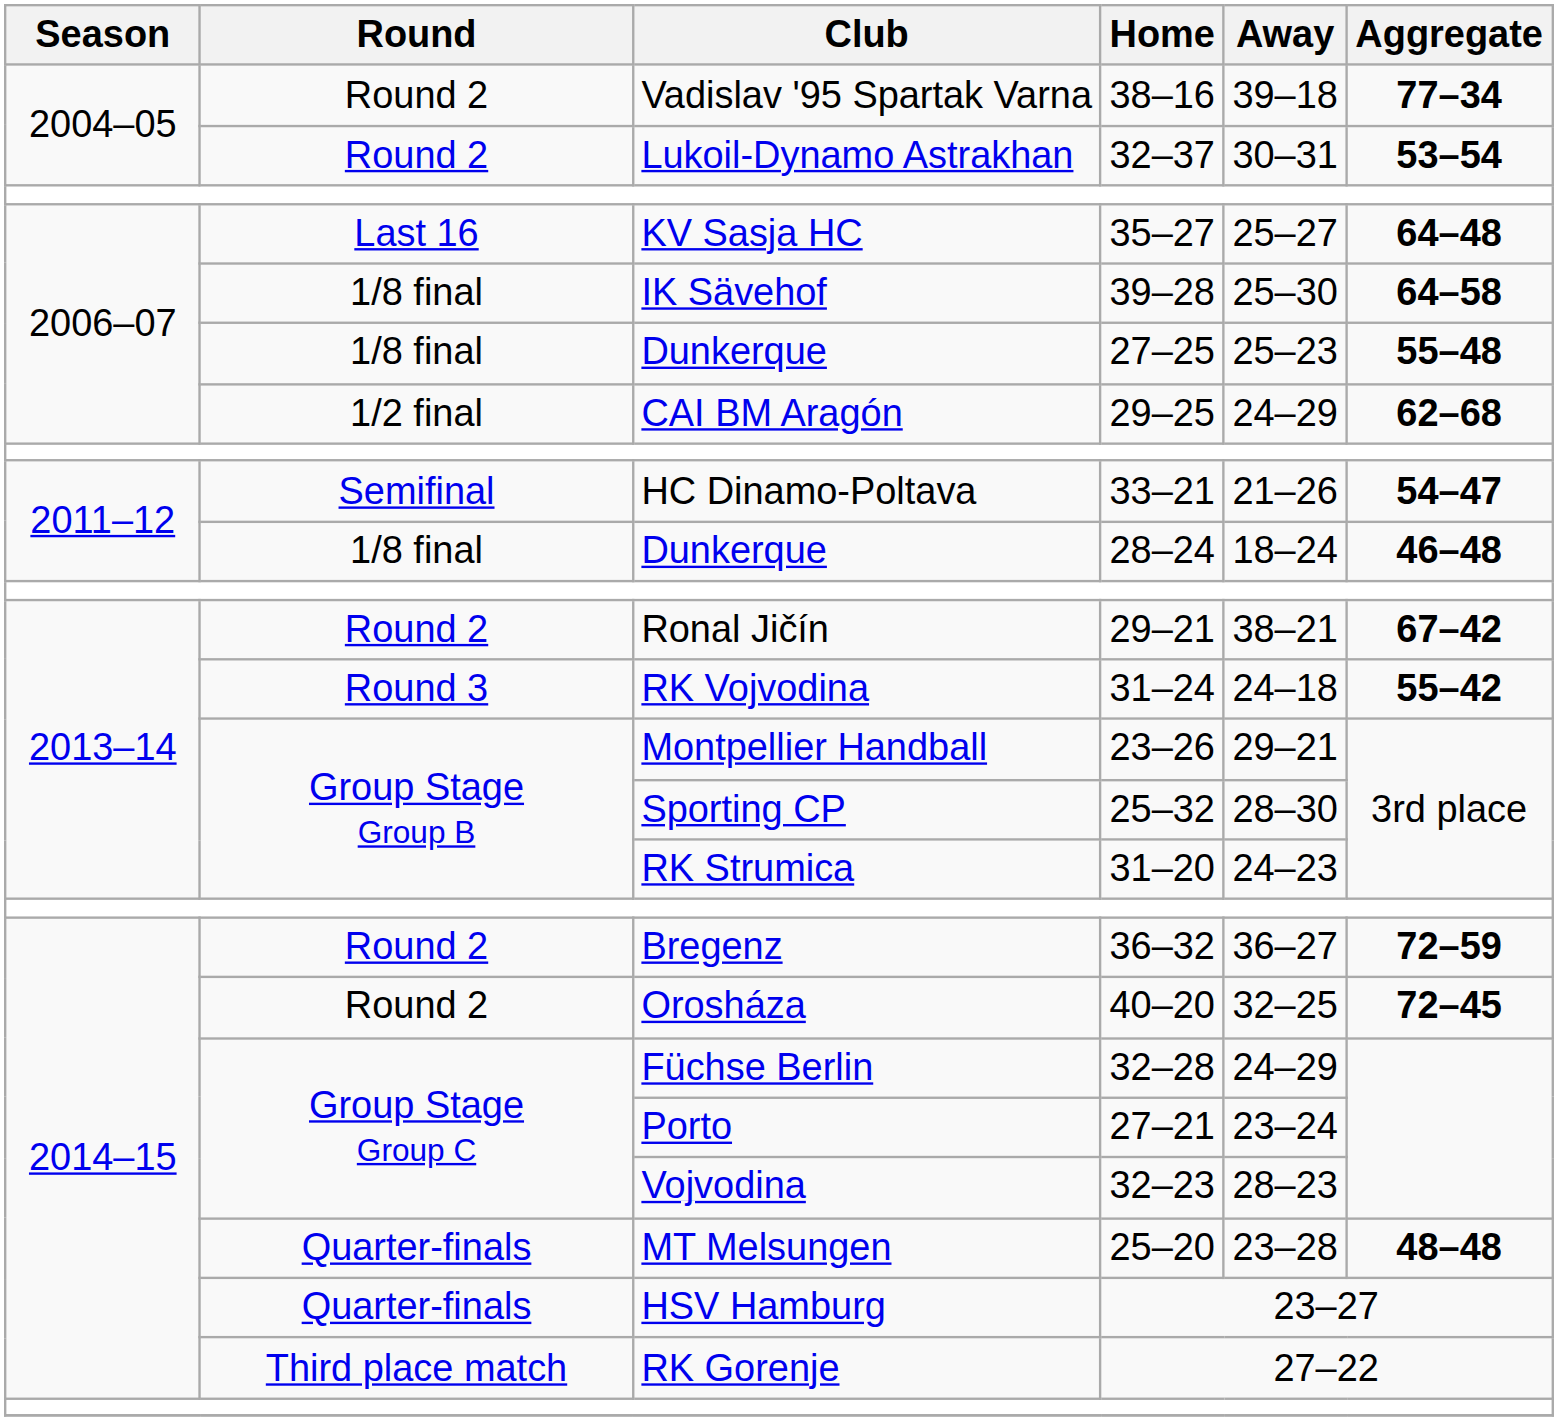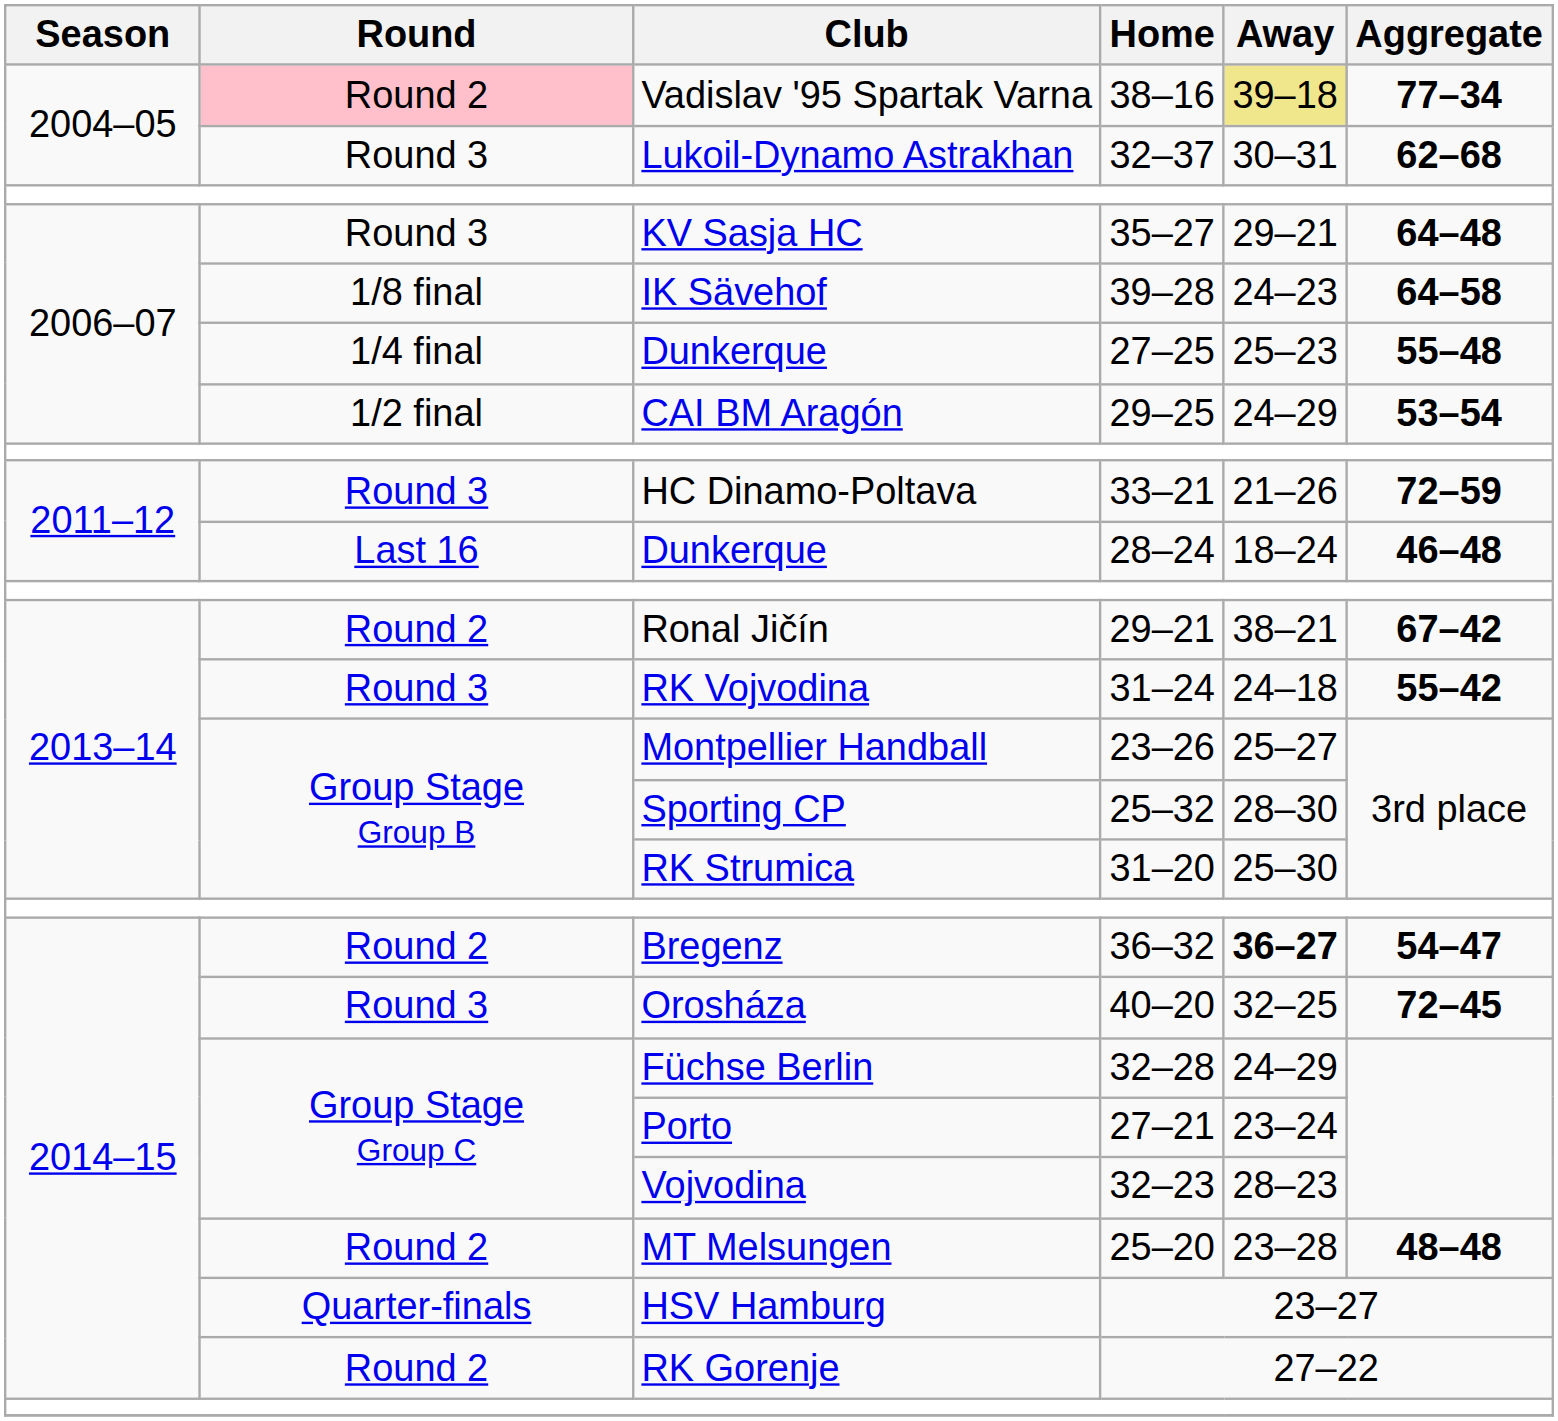 <table class="wikitable">
 <tr>
 <th width=75>Season</th>
 <th width=175>Round</th>
 <th>Club</th>
 <th>Home</th>
 <th>Away</th>
 <th>Aggregate</th>
 </tr>
 <tr>
 <td align=center rowspan="2">2004–05</td>
-<td align=center>Round 2</td>
+<td align=center style="background: pink;">Round 2</td>
 <td align=left> Vadislav '95 Spartak Varna</td>
 <td align=left>38–16</td>
-<td align=left>39–18</td>
+<td align=left style="background: khaki;">39–18</td>
 <td align=center><strong>77–34</strong></td>
 </tr>
 <tr>
-<td align=center><a href='#'>Round 2</a></td>
+<td align=center>Round 3</td>
 <td align=left> <a href='#'>Lukoil-Dynamo Astrakhan</a></td>
 <td align=left>32–37</td>
 <td align=left>30–31</td>
-<td align=center><strong>53–54</strong></td>
+<td align=center><strong>62–68</strong></td>
 </tr>
 <tr>
 <td colspan=7 style="text-align: center;" bgcolor=white></td>
 </tr>
 <tr>
 <td align=center rowspan="4">2006–07</td>
-<td align=center><a href='#'>Last 16</a></td>
+<td align=center>Round 3</td>
 <td align=left> <a href='#'>KV Sasja HC</a></td>
 <td align=left>35–27</td>
-<td align=left>25–27</td>
+<td align=left>29–21</td>
 <td align=center><strong>64–48</strong></td>
 </tr>
 <tr>
 <td align=center>1/8 final</td>
 <td align=left> <a href='#'>IK Sävehof</a></td>
 <td align=left>39–28</td>
-<td align=left>25–30</td>
+<td align=left>24–23</td>
 <td align=center><strong>64–58</strong></td>
 </tr>
 <tr>
-<td align=center>1/8 final</td>
+<td align=center>1/4 final</td>
 <td align=left> <a href='#'>Dunkerque</a></td>
 <td align=left>27–25</td>
 <td align=left>25–23</td>
 <td align=center><strong>55–48</strong></td>
 </tr>
 <tr>
 <td align=center>1/2 final</td>
 <td align=left> <a href='#'>CAI BM Aragón</a></td>
 <td align=left>29–25</td>
 <td align=left>24–29</td>
-<td align=center><strong>62–68</strong></td>
+<td align=center><strong>53–54</strong></td>
 </tr>
 <tr>
 <td colspan=7 style="text-align: center;" bgcolor=white></td>
 </tr>
 <tr>
 <td align=center rowspan="2"><a href='#'>2011–12</a></td>
-<td align=center><a href='#'>Semifinal</a></td>
+<td align=center><a href='#'>Round 3</a></td>
 <td align=left> HC Dinamo-Poltava</td>
 <td align=left>33–21</td>
 <td align=left>21–26</td>
-<td align=center><strong>54–47</strong></td>
+<td align=center><strong>72–59</strong></td>
 </tr>
 <tr>
-<td align=center>1/8 final</td>
+<td align=center><a href='#'>Last 16</a></td>
 <td align=left> <a href='#'>Dunkerque</a></td>
 <td align=left>28–24</td>
 <td align=left>18–24</td>
 <td align=center><strong>46–48</strong></td>
 </tr>
 <tr>
 <td colspan=7 style="text-align: center;" bgcolor=white></td>
 </tr>
 <tr>
 <td align=center rowspan="5"><a href='#'>2013–14</a></td>
 <td align=center><a href='#'>Round 2</a></td>
 <td align=left> Ronal Jičín</td>
 <td align=left>29–21</td>
 <td align=left>38–21</td>
 <td align=center><strong>67–42</strong></td>
 </tr>
 <tr>
 <td align=center><a href='#'>Round 3</a></td>
 <td align=left> <a href='#'>RK Vojvodina</a></td>
 <td align=left>31–24</td>
 <td align=left>24–18</td>
 <td align=center><strong>55–42</strong></td>
 </tr>
 <tr>
 <td align=center rowspan="3"><a href='#'>Group Stage <br><small>Group B</small></a><br></td>
 <td align=left> <a href='#'>Montpellier Handball</a></td>
 <td align=left>23–26</td>
-<td align=left>29–21</td>
+<td align=left>25–27</td>
 <td align=center rowspan=3>3rd place</td>
 </tr>
 <tr>
 <td align=left> <a href='#'>Sporting CP</a></td>
 <td align=left>25–32</td>
 <td align=left>28–30</td>
 </tr>
 <tr>
 <td align=left> <a href='#'>RK Strumica</a></td>
 <td align=left>31–20</td>
-<td align=left>24–23</td>
+<td align=left>25–30</td>
 </tr>
 <tr>
 <td colspan=7 style="text-align: center;" bgcolor=white></td>
 </tr>
 <tr>
 <td align=center rowspan="8"><a href='#'>2014–15</a></td>
 <td align=center><a href='#'>Round 2</a></td>
 <td align=left> <a href='#'>Bregenz</a></td>
 <td align=left>36–32</td>
-<td align=left>36–27</td>
-<td align=center><strong>72–59</strong></td>
+<td align=left><strong>36–27</strong></td>
+<td align=center><strong>54–47</strong></td>
 </tr>
 <tr>
-<td align=center>Round 2</td>
+<td align=center><a href='#'>Round 3</a></td>
 <td align=left> <a href='#'>Orosháza</a></td>
 <td align=left>40–20</td>
 <td align=left>32–25</td>
 <td align=center><strong>72–45</strong></td>
 </tr>
 <tr>
 <td align=center rowspan="3"><a href='#'>Group Stage <br><small>Group C</small></a><br></td>
 <td align=left> <a href='#'>Füchse Berlin</a></td>
 <td align=left>32–28</td>
 <td align=left>24–29</td>
 <td align=center rowspan=3></td>
 </tr>
 <tr>
 <td align=left> <a href='#'>Porto</a></td>
 <td align=left>27–21</td>
 <td align=left>23–24</td>
 </tr>
 <tr>
 <td align=left> <a href='#'>Vojvodina</a></td>
 <td align=left>32–23</td>
 <td align=left>28–23</td>
 </tr>
 <tr>
-<td align=center><a href='#'>Quarter-finals</a></td>
+<td align=center><a href='#'>Round 2</a></td>
 <td align=left> <a href='#'>MT Melsungen</a></td>
 <td align=left>25–20</td>
 <td align=left>23–28</td>
 <td align=center><strong>48–48</strong></td>
 </tr>
 <tr>
 <td align=center><a href='#'>Quarter-finals</a></td>
 <td align=left> <a href='#'>HSV Hamburg</a></td>
 <td colspan=3; style="text-align:center;">23–27</td>
 </tr>
 <tr>
-<td align=center><a href='#'>Third place match</a></td>
+<td align=center><a href='#'>Round 2</a></td>
 <td align=left> <a href='#'>RK Gorenje</a></td>
 <td colspan=3; style="text-align:center;">27–22</td>
 </tr>
 <tr>
 <td colspan=7 style="text-align: center;" bgcolor=white></td>
 </tr>
 <tr>
 </tr>
 </table>
